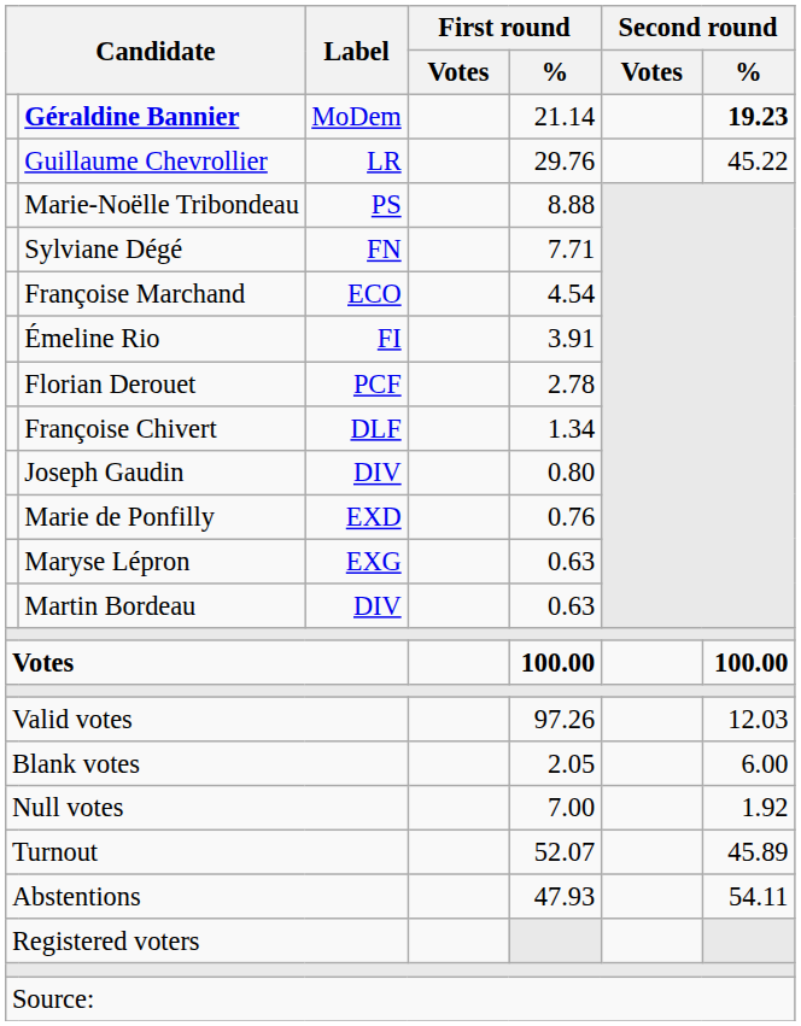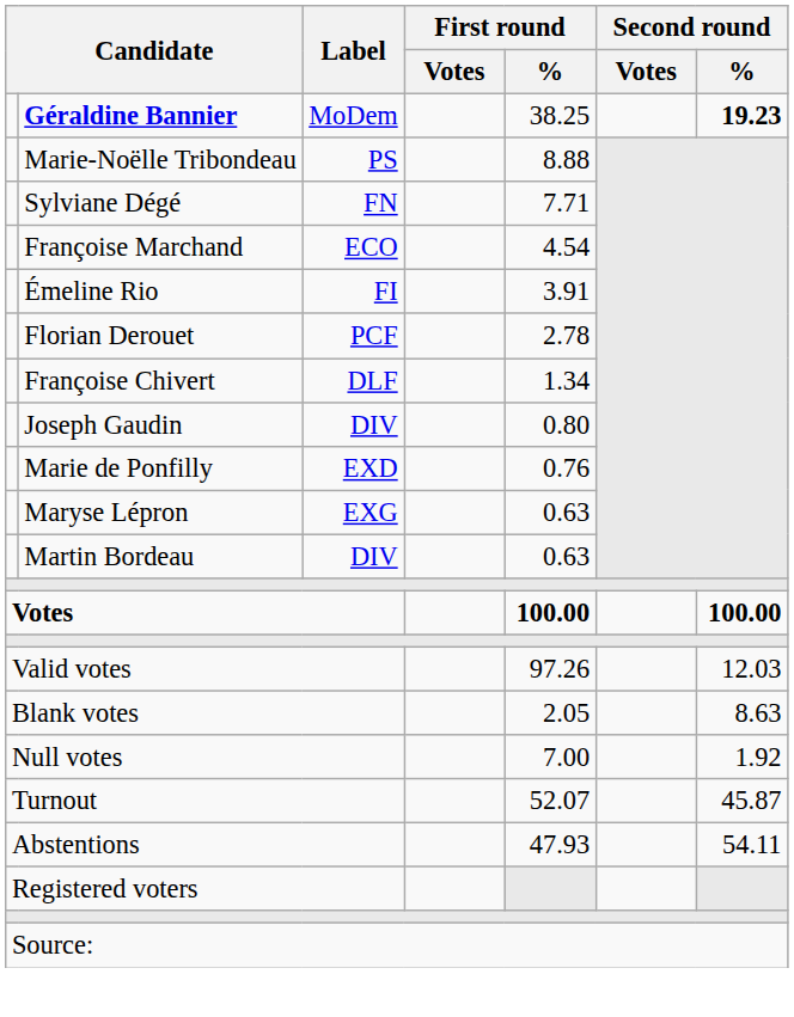 <table class="wikitable" style="text-align:right;font-size:95%;">
 <tr>
 <th rowspan="2" colspan="2">Candidate</th>
 <th rowspan="2">Label</th>
 <th colspan="2">First round</th>
 <th colspan="2">Second round</th>
 </tr>
 <tr>
 <th style="width:50px;">Votes</th>
 <th style="width:45px;">%</th>
 <th style="width:50px;">Votes</th>
 <th style="width:45px;">%</th>
 </tr>
 <tr>
 <td style="color:inherit;background:"></td>
 <td style="text-align:left;"><strong><a href='#'>Géraldine Bannier</a></strong></td>
 <td><a href='#'>MoDem</a></td>
 <td></td>
-<td>21.14</td>
+<td>38.25</td>
 <td><strong></strong></td>
 <td><strong>19.23</strong></td>
-</tr>
-<tr>
-<td style="color:inherit;background:"></td>
-<td style="text-align:left;"><a href='#'>Guillaume Chevrollier</a></td>
-<td><a href='#'>LR</a></td>
-<td></td>
-<td>29.76</td>
-<td></td>
-<td>45.22</td>
 </tr>
 <tr>
 <td style="color:inherit;background:"></td>
 <td style="text-align:left;">Marie-Noëlle Tribondeau</td>
 <td><a href='#'>PS</a></td>
 <td></td>
 <td>8.88</td>
 <td colspan="2" rowspan="10" style="background:#E9E9E9;"></td>
 </tr>
 <tr>
 <td style="color:inherit;background:"></td>
 <td style="text-align:left;">Sylviane Dégé</td>
 <td><a href='#'>FN</a></td>
 <td></td>
 <td>7.71</td>
 </tr>
 <tr>
 <td style="color:inherit;background:"></td>
 <td style="text-align:left;">Françoise Marchand</td>
 <td><a href='#'>ECO</a></td>
 <td></td>
 <td>4.54</td>
 </tr>
 <tr>
 <td style="color:inherit;background:"></td>
 <td style="text-align:left;">Émeline Rio</td>
 <td><a href='#'>FI</a></td>
 <td></td>
 <td>3.91</td>
 </tr>
 <tr>
 <td style="color:inherit;background:"></td>
 <td style="text-align:left;">Florian Derouet</td>
 <td><a href='#'>PCF</a></td>
 <td></td>
 <td>2.78</td>
 </tr>
 <tr>
 <td style="color:inherit;background:"></td>
 <td style="text-align:left;">Françoise Chivert</td>
 <td><a href='#'>DLF</a></td>
 <td></td>
 <td>1.34</td>
 </tr>
 <tr>
 <td style="color:inherit;background:"></td>
 <td style="text-align:left;">Joseph Gaudin</td>
 <td><a href='#'>DIV</a></td>
 <td></td>
 <td>0.80</td>
 </tr>
 <tr>
 <td style="color:inherit;background:"></td>
 <td style="text-align:left;">Marie de Ponfilly</td>
 <td><a href='#'>EXD</a></td>
 <td></td>
 <td>0.76</td>
 </tr>
 <tr>
 <td style="color:inherit;background:"></td>
 <td style="text-align:left;">Maryse Lépron</td>
 <td><a href='#'>EXG</a></td>
 <td></td>
 <td>0.63</td>
 </tr>
 <tr>
 <td style="color:inherit;background:"></td>
 <td style="text-align:left;">Martin Bordeau</td>
 <td><a href='#'>DIV</a></td>
 <td></td>
 <td>0.63</td>
 </tr>
 <tr>
 <td colspan="7" style="background:#E9E9E9;"></td>
 </tr>
 <tr style="font-weight:bold;">
 <td colspan="3" style="text-align:left;">Votes</td>
 <td></td>
 <td>100.00</td>
 <td></td>
 <td>100.00</td>
 </tr>
 <tr>
 <td colspan="7" style="background:#E9E9E9;"></td>
 </tr>
 <tr>
 <td colspan="3" style="text-align:left;">Valid votes</td>
 <td></td>
 <td>97.26</td>
 <td></td>
 <td>12.03</td>
 </tr>
 <tr>
 <td colspan="3" style="text-align:left;">Blank votes</td>
 <td></td>
 <td>2.05</td>
 <td></td>
-<td>6.00</td>
+<td>8.63</td>
 </tr>
 <tr>
 <td colspan="3" style="text-align:left;">Null votes</td>
 <td></td>
 <td>7.00</td>
 <td></td>
 <td>1.92</td>
 </tr>
 <tr>
 <td colspan="3" style="text-align:left;">Turnout</td>
 <td></td>
 <td>52.07</td>
 <td></td>
-<td>45.89</td>
+<td>45.87</td>
 </tr>
 <tr>
 <td colspan="3" style="text-align:left;">Abstentions</td>
 <td></td>
 <td>47.93</td>
 <td></td>
 <td>54.11</td>
 </tr>
 <tr>
 <td colspan="3" style="text-align:left;">Registered voters</td>
 <td></td>
 <td style="background:#E9E9E9;"></td>
 <td></td>
 <td style="background:#E9E9E9;"></td>
 </tr>
 <tr>
 <td colspan="7" style="background:#E9E9E9;"></td>
 </tr>
 <tr>
 <td colspan="7" style="text-align:left;">Source: </td>
 </tr>
 </table>
